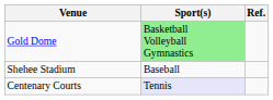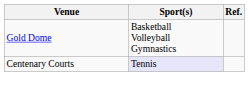 <table class="wikitable"; style= "text-align: ">
 <tr>
 <th width=200px>Venue</th>
 <th width=150px>Sport(s)</th>
 <th width=px>Ref.</th>
 </tr>
 <tr>
 <td><a href='#'>Gold Dome</a></td>
-<td style="background: lightgreen;">Basketball <br> Volleyball <br> Gymnastics</td>
-<td></td>
-</tr>
-<tr>
-<td>Shehee Stadium</td>
-<td>Baseball</td>
+<td>Basketball <br> Volleyball <br> Gymnastics</td>
 <td></td>
 </tr>
 <tr>
 <td>Centenary Courts</td>
 <td style="background: lavender;">Tennis</td>
 <td></td>
 </tr>
 </table>
